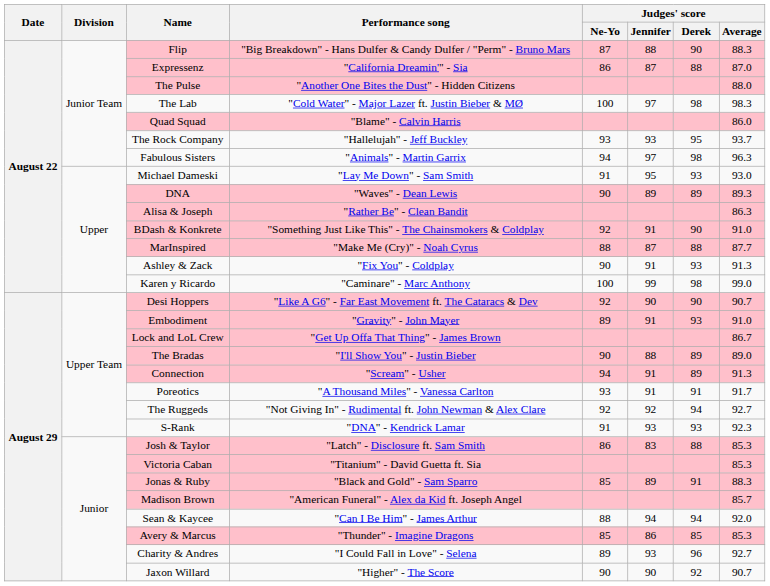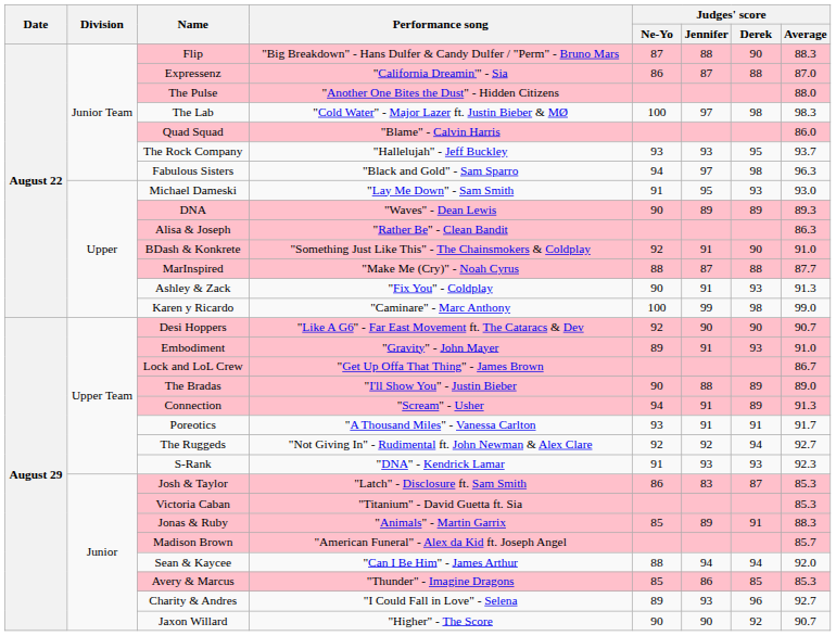 <table class="wikitable sortable" style="text-align:center;">
 <tr>
 <th scope="col" rowspan="2">Date</th>
 <th scope="col" rowspan="2">Division</th>
 <th scope="col" rowspan="2" class="unsortable">Name</th>
 <th scope="col" rowspan="2" class="unsortable">Performance song</th>
 <th scope="col" colspan="4">Judges' score</th>
 </tr>
 <tr>
 <th style="width:06%;">Ne-Yo</th>
 <th style="width:06%;">Jennifer</th>
 <th style="width:06%;">Derek</th>
 <th style="width:06%;">Average</th>
 </tr>
 <tr>
 <th scope="row" rowspan="14">August 22</th>
 <td rowspan="7">Junior Team</td>
 <td style="background:pink;">Flip</td>
 <td style="background:pink;">"Big Breakdown" - Hans Dulfer & Candy Dulfer / "Perm" - <a href='#'>Bruno Mars</a></td>
 <td style="background:pink;">87</td>
 <td style="background:pink;">88</td>
 <td style="background:pink;">90</td>
 <td style="background:pink;">88.3</td>
 </tr>
 <tr style="background:pink;">
 <td>Expressenz</td>
 <td>"<a href='#'>California Dreamin'</a>" - <a href='#'>Sia</a></td>
 <td>86</td>
 <td>87</td>
 <td>88</td>
 <td>87.0</td>
 </tr>
 <tr style="background:pink;">
 <td>The Pulse</td>
 <td>"<a href='#'>Another One Bites the Dust</a>" - Hidden Citizens</td>
 <td></td>
 <td></td>
 <td></td>
 <td>88.0</td>
 </tr>
 <tr>
 <td>The Lab</td>
 <td>"<a href='#'>Cold Water</a>" - <a href='#'>Major Lazer</a> ft. <a href='#'>Justin Bieber</a> & <a href='#'>MØ</a></td>
 <td>100</td>
 <td>97</td>
 <td>98</td>
 <td>98.3</td>
 </tr>
 <tr style="background:pink;">
 <td>Quad Squad</td>
 <td>"Blame" - <a href='#'>Calvin Harris</a></td>
 <td></td>
 <td></td>
 <td></td>
 <td>86.0</td>
 </tr>
 <tr>
 <td>The Rock Company</td>
 <td>"Hallelujah" - <a href='#'>Jeff Buckley</a></td>
 <td>93</td>
 <td>93</td>
 <td>95</td>
 <td>93.7</td>
 </tr>
 <tr>
 <td>Fabulous Sisters</td>
-<td>"<a href='#'>Animals</a>" - <a href='#'>Martin Garrix</a></td>
+<td>"Black and Gold" - <a href='#'>Sam Sparro</a></td>
 <td>94</td>
 <td>97</td>
 <td>98</td>
 <td>96.3</td>
 </tr>
 <tr>
 <td rowspan="7">Upper</td>
 <td>Michael Dameski</td>
 <td>"<a href='#'>Lay Me Down</a>" - <a href='#'>Sam Smith</a></td>
 <td>91</td>
 <td>95</td>
 <td>93</td>
 <td>93.0</td>
 </tr>
 <tr style="background:pink;">
 <td>DNA</td>
 <td>"Waves" - <a href='#'>Dean Lewis</a></td>
 <td>90</td>
 <td>89</td>
 <td>89</td>
 <td>89.3</td>
 </tr>
 <tr style="background:pink;">
 <td>Alisa & Joseph</td>
 <td>"<a href='#'>Rather Be</a>" - <a href='#'>Clean Bandit</a></td>
 <td></td>
 <td></td>
 <td></td>
 <td>86.3</td>
 </tr>
 <tr style="background:pink;">
 <td>BDash & Konkrete</td>
 <td>"Something Just Like This" - <a href='#'>The Chainsmokers</a> & <a href='#'>Coldplay</a></td>
 <td>92</td>
 <td>91</td>
 <td>90</td>
 <td>91.0</td>
 </tr>
 <tr style="background:pink;">
 <td>MarInspired</td>
 <td>"Make Me (Cry)" - <a href='#'>Noah Cyrus</a></td>
 <td>88</td>
 <td>87</td>
 <td>88</td>
 <td>87.7</td>
 </tr>
 <tr>
 <td>Ashley & Zack</td>
 <td>"<a href='#'>Fix You</a>" - <a href='#'>Coldplay</a></td>
 <td>90</td>
 <td>91</td>
 <td>93</td>
 <td>91.3</td>
 </tr>
 <tr>
 <td>Karen y Ricardo</td>
 <td>"Caminare" - <a href='#'>Marc Anthony</a></td>
 <td>100</td>
 <td>99</td>
 <td>98</td>
 <td>99.0</td>
 </tr>
 <tr>
 <th scope="row" rowspan="16">August 29</th>
 <td rowspan="8">Upper Team</td>
 <td style="background:pink;">Desi Hoppers</td>
 <td style="background:pink;">"<a href='#'>Like A G6</a>" - <a href='#'>Far East Movement</a> ft. <a href='#'>The Cataracs</a> & <a href='#'>Dev</a></td>
 <td style="background:pink;">92</td>
 <td style="background:pink;">90</td>
 <td style="background:pink;">90</td>
 <td style="background:pink;">90.7</td>
 </tr>
 <tr style="background:pink;">
 <td>Embodiment</td>
 <td>"<a href='#'>Gravity</a>" - <a href='#'>John Mayer</a></td>
 <td>89</td>
 <td>91</td>
 <td>93</td>
 <td>91.0</td>
 </tr>
 <tr style="background:pink;">
 <td>Lock and LoL Crew</td>
 <td>"<a href='#'>Get Up Offa That Thing</a>" - <a href='#'>James Brown</a></td>
 <td></td>
 <td></td>
 <td></td>
 <td>86.7</td>
 </tr>
 <tr style="background:pink;">
 <td>The Bradas</td>
 <td>"<a href='#'>I'll Show You</a>" - <a href='#'>Justin Bieber</a></td>
 <td>90</td>
 <td>88</td>
 <td>89</td>
 <td>89.0</td>
 </tr>
 <tr style="background:pink;">
 <td>Connection</td>
 <td>"<a href='#'>Scream</a>" - <a href='#'>Usher</a></td>
 <td>94</td>
 <td>91</td>
 <td>89</td>
 <td>91.3</td>
 </tr>
 <tr>
 <td>Poreotics</td>
 <td>"<a href='#'>A Thousand Miles</a>" - <a href='#'>Vanessa Carlton</a></td>
 <td>93</td>
 <td>91</td>
 <td>91</td>
 <td>91.7</td>
 </tr>
 <tr>
 <td>The Ruggeds</td>
 <td>"Not Giving In" - <a href='#'>Rudimental</a> ft. <a href='#'>John Newman</a> & <a href='#'>Alex Clare</a></td>
 <td>92</td>
 <td>92</td>
 <td>94</td>
 <td>92.7</td>
 </tr>
 <tr>
 <td>S-Rank</td>
 <td>"<a href='#'>DNA</a>" - <a href='#'>Kendrick Lamar</a></td>
 <td>91</td>
 <td>93</td>
 <td>93</td>
 <td>92.3</td>
 </tr>
 <tr>
 <td rowspan="8">Junior</td>
 <td style="background:pink;">Josh & Taylor</td>
 <td style="background:pink;">"Latch" - <a href='#'>Disclosure</a> ft. <a href='#'>Sam Smith</a></td>
 <td style="background:pink;">86</td>
 <td style="background:pink;">83</td>
-<td style="background:pink;">88</td>
+<td style="background:pink;">87</td>
 <td style="background:pink;">85.3</td>
 </tr>
 <tr style="background:pink;">
 <td>Victoria Caban</td>
 <td>"Titanium" - David Guetta ft. Sia</td>
 <td></td>
 <td></td>
 <td></td>
 <td>85.3</td>
 </tr>
 <tr style="background:pink;">
 <td>Jonas & Ruby</td>
-<td>"Black and Gold" - <a href='#'>Sam Sparro</a></td>
+<td>"<a href='#'>Animals</a>" - <a href='#'>Martin Garrix</a></td>
 <td>85</td>
 <td>89</td>
 <td>91</td>
 <td>88.3</td>
 </tr>
 <tr style="background:pink;">
 <td>Madison Brown</td>
 <td>"American Funeral" - <a href='#'>Alex da Kid</a> ft. Joseph Angel</td>
 <td></td>
 <td></td>
 <td></td>
 <td>85.7</td>
 </tr>
 <tr>
 <td>Sean & Kaycee</td>
 <td>"<a href='#'>Can I Be Him</a>" - <a href='#'>James Arthur</a></td>
 <td>88</td>
 <td>94</td>
 <td>94</td>
 <td>92.0</td>
 </tr>
 <tr style="background:pink;">
 <td>Avery & Marcus</td>
 <td>"Thunder" - <a href='#'>Imagine Dragons</a></td>
 <td>85</td>
 <td>86</td>
 <td>85</td>
 <td>85.3</td>
 </tr>
 <tr>
 <td>Charity & Andres</td>
 <td>"I Could Fall in Love" - <a href='#'>Selena</a></td>
 <td>89</td>
 <td>93</td>
 <td>96</td>
 <td>92.7</td>
 </tr>
 <tr>
 <td>Jaxon Willard</td>
 <td>"Higher" - <a href='#'>The Score</a></td>
 <td>90</td>
 <td>90</td>
 <td>92</td>
 <td>90.7</td>
 </tr>
 </table>
